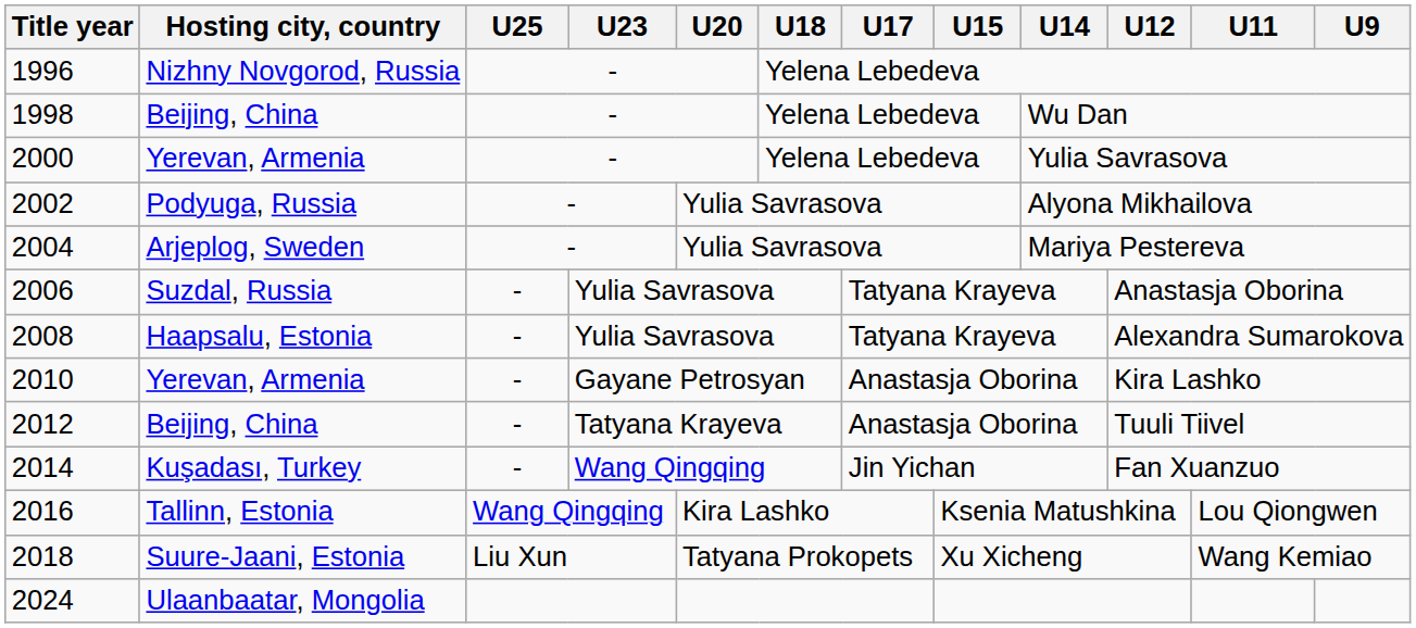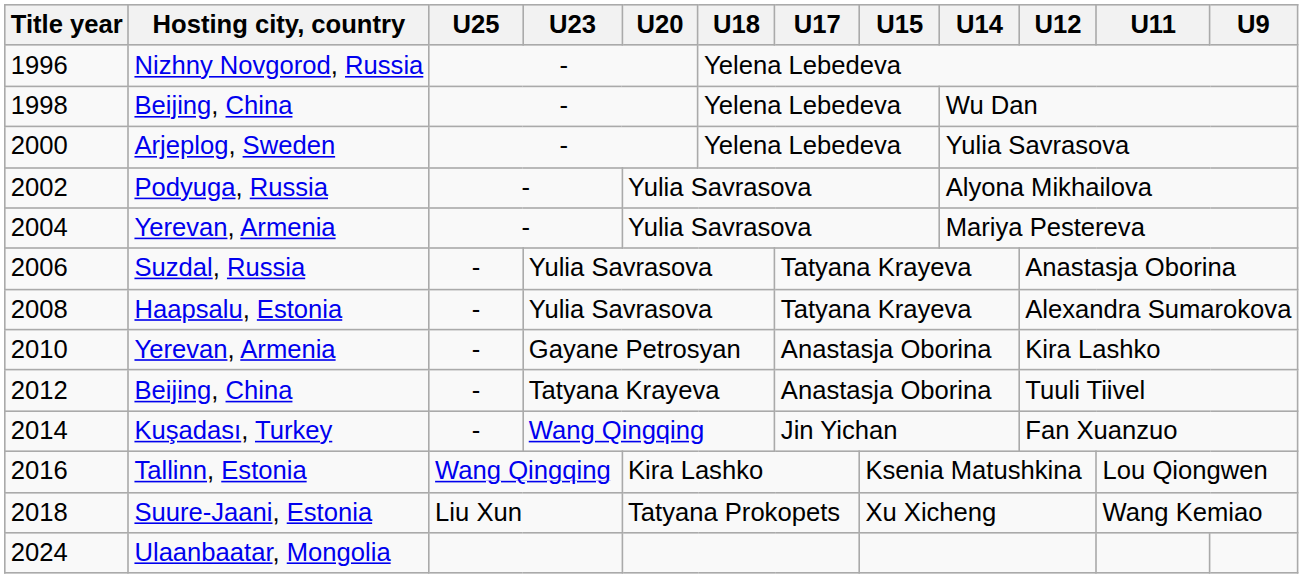 <table class="wikitable">
 <tr>
 <th>Title year</th>
 <th>Hosting city, country</th>
 <th>U25</th>
 <th>U23</th>
 <th>U20</th>
 <th>U18</th>
 <th>U17</th>
 <th>U15</th>
 <th>U14</th>
 <th>U12</th>
 <th>U11</th>
 <th>U9</th>
 </tr>
 <tr>
 <td>1996</td>
 <td> <a href='#'>Nizhny Novgorod</a>, <a href='#'>Russia</a></td>
 <td align="center" colspan="3">-</td>
 <td colspan="7"> Yelena Lebedeva</td>
 </tr>
 <tr>
 <td>1998</td>
 <td> <a href='#'>Beijing</a>, <a href='#'>China</a></td>
 <td align="center" colspan="3">-</td>
 <td colspan="3"> Yelena Lebedeva</td>
 <td colspan="4"> Wu Dan</td>
 </tr>
 <tr>
 <td>2000</td>
-<td> <a href='#'>Yerevan</a>, <a href='#'>Armenia</a></td>
+<td> <a href='#'>Arjeplog</a>, <a href='#'>Sweden</a></td>
 <td align="center" colspan="3">-</td>
 <td colspan="3"> Yelena Lebedeva</td>
 <td colspan="4"> Yulia Savrasova</td>
 </tr>
 <tr>
 <td>2002</td>
 <td> <a href='#'>Podyuga</a>, <a href='#'>Russia</a></td>
 <td align="center" colspan="2">-</td>
 <td colspan="4"> Yulia Savrasova</td>
 <td colspan="4"> Alyona Mikhailova</td>
 </tr>
 <tr>
 <td>2004</td>
-<td> <a href='#'>Arjeplog</a>, <a href='#'>Sweden</a></td>
+<td> <a href='#'>Yerevan</a>, <a href='#'>Armenia</a></td>
 <td align="center" colspan="2">-</td>
 <td colspan="4"> Yulia Savrasova</td>
 <td colspan="4"> Mariya Pestereva</td>
 </tr>
 <tr>
 <td>2006</td>
 <td> <a href='#'>Suzdal</a>, <a href='#'>Russia</a></td>
 <td align="center">-</td>
 <td colspan="3"> Yulia Savrasova</td>
 <td colspan="3"> Tatyana Krayeva</td>
 <td colspan="3"> Anastasja Oborina</td>
 </tr>
 <tr>
 <td>2008</td>
 <td> <a href='#'>Haapsalu</a>, <a href='#'>Estonia</a></td>
 <td align="center">-</td>
 <td colspan="3"> Yulia Savrasova</td>
 <td colspan="3"> Tatyana Krayeva</td>
 <td colspan="3"> Alexandra Sumarokova</td>
 </tr>
 <tr>
 <td>2010</td>
 <td> <a href='#'>Yerevan</a>, <a href='#'>Armenia</a></td>
 <td align="center">-</td>
 <td colspan="3"> Gayane Petrosyan</td>
 <td colspan="3"> Anastasja Oborina</td>
 <td colspan="3"> Kira Lashko</td>
 </tr>
 <tr>
 <td>2012</td>
 <td> <a href='#'>Beijing</a>, <a href='#'>China</a></td>
 <td align="center">-</td>
 <td colspan="3"> Tatyana Krayeva</td>
 <td colspan="3"> Anastasja Oborina</td>
 <td colspan="3"> Tuuli Tiivel</td>
 </tr>
 <tr>
 <td>2014</td>
 <td> <a href='#'>Kuşadası</a>, <a href='#'>Turkey</a></td>
 <td align="center">-</td>
 <td colspan="3"> <a href='#'>Wang Qingqing</a></td>
 <td colspan="3"> Jin Yichan</td>
 <td colspan="3"> Fan Xuanzuo</td>
 </tr>
 <tr>
 <td>2016</td>
 <td> <a href='#'>Tallinn</a>, <a href='#'>Estonia</a></td>
 <td colspan="2"> <a href='#'>Wang Qingqing</a></td>
 <td colspan="3"> Kira Lashko</td>
 <td colspan="3"> Ksenia Matushkina</td>
 <td colspan="2"> Lou Qiongwen</td>
 </tr>
 <tr>
 <td>2018</td>
 <td> <a href='#'>Suure-Jaani</a>, <a href='#'>Estonia</a></td>
 <td colspan="2"> Liu Xun</td>
 <td colspan="3"> Tatyana Prokopets</td>
 <td colspan="3"> Xu Xicheng</td>
 <td colspan="2"> Wang Kemiao</td>
 </tr>
 <tr>
 <td>2024</td>
 <td> <a href='#'>Ulaanbaatar</a>, <a href='#'>Mongolia</a></td>
 <td colspan="2"></td>
 <td colspan="3"></td>
 <td colspan="3"></td>
 <td></td>
 <td></td>
 </tr>
 </table>
